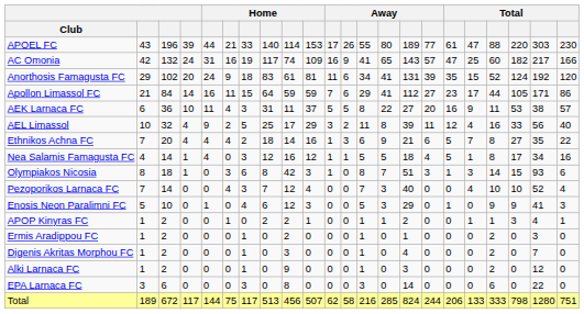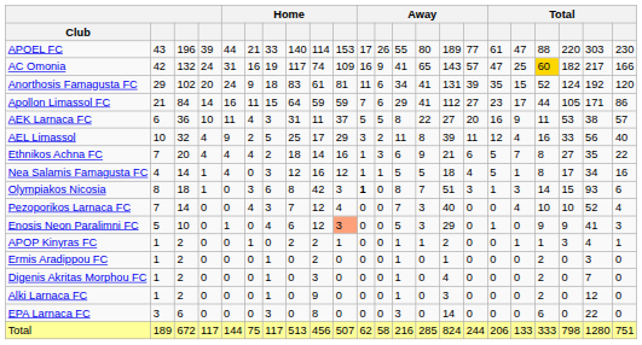 <table class="wikitable sortable" style="margin:1em auto; font-size:90%;">
 <tr>
 <th colspan=4></th>
 <th colspan=6>Home</th>
 <th colspan=6>Away</th>
 <th colspan=6>Total</th>
 </tr>
 <tr>
 <th>Club</th>
 <th></th>
 <th></th>
 <th></th>
 <th></th>
 <th></th>
 <th></th>
 <th></th>
 <th></th>
 <th></th>
 <th></th>
 <th></th>
 <th></th>
 <th></th>
 <th></th>
 <th></th>
 <th></th>
 <th></th>
 <th></th>
 <th></th>
 <th></th>
 <th></th>
 </tr>
 <tr>
 <td><a href='#'>APOEL FC</a></td>
 <td>43</td>
 <td>196</td>
 <td>39</td>
 <td>44</td>
 <td>21</td>
 <td>33</td>
 <td>140</td>
 <td>114</td>
 <td>153</td>
 <td>17</td>
 <td>26</td>
 <td>55</td>
 <td>80</td>
 <td>189</td>
 <td>77</td>
 <td>61</td>
 <td>47</td>
 <td>88</td>
 <td>220</td>
 <td>303</td>
 <td>230</td>
 </tr>
 <tr>
 <td><a href='#'>AC Omonia</a></td>
 <td>42</td>
 <td>132</td>
 <td>24</td>
 <td>31</td>
 <td>16</td>
 <td>19</td>
 <td>117</td>
 <td>74</td>
 <td>109</td>
 <td>16</td>
 <td>9</td>
 <td>41</td>
 <td>65</td>
 <td>143</td>
 <td>57</td>
 <td>47</td>
 <td>25</td>
-<td>60</td>
+<td style="background: gold;">60</td>
 <td>182</td>
 <td>217</td>
 <td>166</td>
 </tr>
 <tr>
 <td><a href='#'>Anorthosis Famagusta FC</a></td>
 <td>29</td>
 <td>102</td>
 <td>20</td>
 <td>24</td>
 <td>9</td>
 <td>18</td>
 <td>83</td>
 <td>61</td>
 <td>81</td>
 <td>11</td>
 <td>6</td>
 <td>34</td>
 <td>41</td>
 <td>131</td>
 <td>39</td>
 <td>35</td>
 <td>15</td>
 <td>52</td>
 <td>124</td>
 <td>192</td>
 <td>120</td>
 </tr>
 <tr>
 <td><a href='#'>Apollon Limassol FC</a></td>
 <td>21</td>
 <td>84</td>
 <td>14</td>
 <td>16</td>
 <td>11</td>
 <td>15</td>
 <td>64</td>
 <td>59</td>
 <td>59</td>
 <td>7</td>
 <td>6</td>
 <td>29</td>
 <td>41</td>
 <td>112</td>
 <td>27</td>
 <td>23</td>
 <td>17</td>
 <td>44</td>
 <td>105</td>
 <td>171</td>
 <td>86</td>
 </tr>
 <tr>
 <td><a href='#'>AEK Larnaca FC</a></td>
 <td>6</td>
 <td>36</td>
 <td>10</td>
 <td>11</td>
 <td>4</td>
 <td>3</td>
 <td>31</td>
 <td>11</td>
 <td>37</td>
 <td>5</td>
 <td>5</td>
 <td>8</td>
 <td>22</td>
 <td>27</td>
 <td>20</td>
 <td>16</td>
 <td>9</td>
 <td>11</td>
 <td>53</td>
 <td>38</td>
 <td>57</td>
 </tr>
 <tr>
 <td><a href='#'>AEL Limassol</a></td>
 <td>10</td>
 <td>32</td>
 <td>4</td>
 <td>9</td>
 <td>2</td>
 <td>5</td>
 <td>25</td>
 <td>17</td>
 <td>29</td>
 <td>3</td>
 <td>2</td>
 <td>11</td>
 <td>8</td>
 <td>39</td>
 <td>11</td>
 <td>12</td>
 <td>4</td>
 <td>16</td>
 <td>33</td>
 <td>56</td>
 <td>40</td>
 </tr>
 <tr>
 <td><a href='#'>Ethnikos Achna FC</a></td>
 <td>7</td>
 <td>20</td>
 <td>4</td>
 <td>4</td>
 <td>4</td>
 <td>2</td>
 <td>18</td>
 <td>14</td>
 <td>16</td>
 <td>1</td>
 <td>3</td>
 <td>6</td>
 <td>9</td>
 <td>21</td>
 <td>6</td>
 <td>5</td>
 <td>7</td>
 <td>8</td>
 <td>27</td>
 <td>35</td>
 <td>22</td>
 </tr>
 <tr>
 <td><a href='#'>Nea Salamis Famagusta FC</a></td>
 <td>4</td>
 <td>14</td>
 <td>1</td>
 <td>4</td>
 <td>0</td>
 <td>3</td>
 <td>12</td>
 <td>16</td>
 <td>12</td>
 <td>1</td>
 <td>1</td>
 <td>5</td>
 <td>5</td>
 <td>18</td>
 <td>4</td>
 <td>5</td>
 <td>1</td>
 <td>8</td>
 <td>17</td>
 <td>34</td>
 <td>16</td>
 </tr>
 <tr>
 <td><a href='#'>Olympiakos Nicosia</a></td>
 <td>8</td>
 <td>18</td>
 <td>1</td>
 <td>0</td>
 <td>3</td>
 <td>6</td>
 <td>8</td>
 <td>42</td>
 <td>3</td>
-<td>1</td>
+<td><strong>1</strong></td>
 <td>0</td>
 <td>8</td>
 <td>7</td>
 <td>51</td>
 <td>3</td>
 <td>1</td>
 <td>3</td>
 <td>14</td>
 <td>15</td>
 <td>93</td>
 <td>6</td>
 </tr>
 <tr>
 <td><a href='#'>Pezoporikos Larnaca FC</a></td>
 <td>7</td>
 <td>14</td>
 <td>0</td>
 <td>0</td>
 <td>4</td>
 <td>3</td>
 <td>7</td>
 <td>12</td>
 <td>4</td>
 <td>0</td>
 <td>0</td>
 <td>7</td>
 <td>3</td>
 <td>40</td>
 <td>0</td>
 <td>0</td>
 <td>4</td>
 <td>10</td>
 <td>10</td>
 <td>52</td>
 <td>4</td>
 </tr>
 <tr>
 <td><a href='#'>Enosis Neon Paralimni FC</a></td>
 <td>5</td>
 <td>10</td>
 <td>0</td>
 <td>1</td>
 <td>0</td>
 <td>4</td>
 <td>6</td>
 <td>12</td>
-<td>3</td>
+<td style="background: lightsalmon;">3</td>
 <td>0</td>
 <td>0</td>
 <td>5</td>
 <td>3</td>
 <td>29</td>
 <td>0</td>
 <td>1</td>
 <td>0</td>
 <td>9</td>
 <td>9</td>
 <td>41</td>
 <td>3</td>
 </tr>
 <tr>
 <td><a href='#'>APOP Kinyras FC</a></td>
 <td>1</td>
 <td>2</td>
 <td>0</td>
 <td>0</td>
 <td>1</td>
 <td>0</td>
 <td>2</td>
 <td>2</td>
 <td>1</td>
 <td>0</td>
 <td>0</td>
 <td>1</td>
 <td>1</td>
 <td>2</td>
 <td>0</td>
 <td>0</td>
 <td>1</td>
 <td>1</td>
 <td>3</td>
 <td>4</td>
 <td>1</td>
 </tr>
 <tr>
 <td><a href='#'>Ermis Aradippou FC</a></td>
 <td>1</td>
 <td>2</td>
 <td>0</td>
 <td>0</td>
 <td>0</td>
 <td>1</td>
 <td>0</td>
 <td>2</td>
 <td>0</td>
 <td>0</td>
 <td>0</td>
 <td>1</td>
 <td>0</td>
 <td>1</td>
 <td>0</td>
 <td>0</td>
 <td>0</td>
 <td>2</td>
 <td>0</td>
 <td>3</td>
 <td>0</td>
 </tr>
 <tr>
 <td><a href='#'>Digenis Akritas Morphou FC</a></td>
 <td>1</td>
 <td>2</td>
 <td>0</td>
 <td>0</td>
 <td>0</td>
 <td>1</td>
 <td>0</td>
 <td>3</td>
 <td>0</td>
 <td>0</td>
 <td>0</td>
 <td>1</td>
 <td>0</td>
 <td>4</td>
 <td>0</td>
 <td>0</td>
 <td>0</td>
 <td>2</td>
 <td>0</td>
 <td>7</td>
 <td>0</td>
 </tr>
 <tr>
 <td><a href='#'>Alki Larnaca FC</a></td>
 <td>1</td>
 <td>2</td>
 <td>0</td>
 <td>0</td>
 <td>0</td>
 <td>1</td>
 <td>0</td>
 <td>9</td>
 <td>0</td>
 <td>0</td>
 <td>0</td>
 <td>1</td>
 <td>0</td>
 <td>3</td>
 <td>0</td>
 <td>0</td>
 <td>0</td>
 <td>2</td>
 <td>0</td>
 <td>12</td>
 <td>0</td>
 </tr>
 <tr>
 <td><a href='#'>EPA Larnaca FC</a></td>
 <td>3</td>
 <td>6</td>
 <td>0</td>
 <td>0</td>
 <td>0</td>
 <td>3</td>
 <td>0</td>
 <td>8</td>
 <td>0</td>
 <td>0</td>
 <td>0</td>
 <td>3</td>
 <td>0</td>
 <td>14</td>
 <td>0</td>
 <td>0</td>
 <td>0</td>
 <td>6</td>
 <td>0</td>
 <td>22</td>
 <td>0</td>
 </tr>
 <tr style="background:#ff9;">
 <td>Total</td>
 <td>189</td>
 <td>672</td>
 <td>117</td>
 <td>144</td>
 <td>75</td>
 <td>117</td>
 <td>513</td>
 <td>456</td>
 <td>507</td>
 <td>62</td>
 <td>58</td>
 <td>216</td>
 <td>285</td>
 <td>824</td>
 <td>244</td>
 <td>206</td>
 <td>133</td>
 <td>333</td>
 <td>798</td>
 <td>1280</td>
 <td>751</td>
 </tr>
 </table>
